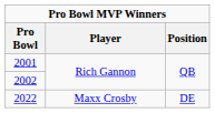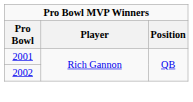 <table class="wikitable sortable" style="text-align:center">
 <tr>
 <td colspan="3"><strong>Pro Bowl MVP Winners</strong></td>
 </tr>
 <tr>
 <th style="width:50px; ">Pro Bowl</th>
 <th style="width:160px; ">Player</th>
 <th style="width:50px; ">Position</th>
 </tr>
 <tr>
 <td><a href='#'>2001</a></td>
 <td rowspan=2><a href='#'>Rich Gannon</a></td>
 <td rowspan=2><a href='#'>QB</a></td>
 </tr>
 <tr>
 <td><a href='#'>2002</a></td>
 </tr>
-<tr>
-<td><a href='#'>2022</a></td>
-<td><a href='#'>Maxx Crosby</a></td>
-<td><a href='#'>DE</a></td>
-</tr>
 </table>
